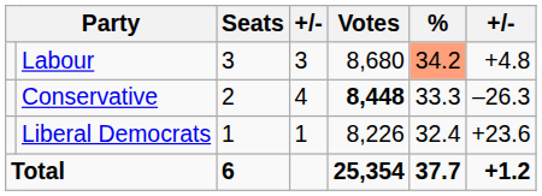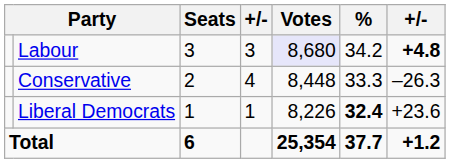 <table class="wikitable sortable">
 <tr>
 <th colspan="2">Party</th>
 <th>Seats</th>
 <th>+/-</th>
 <th>Votes</th>
 <th>%</th>
 <th>+/-</th>
 </tr>
 <tr>
 <td style="background-color: "></td>
 <td><a href='#'>Labour</a></td>
 <td>3</td>
 <td> 3</td>
-<td style="text-align:right;">8,680</td>
-<td style="background: lightsalmon; text-align:right;">34.2</td>
-<td style="text-align:right;">+4.8</td>
+<td style="background: lavender; text-align:right;">8,680</td>
+<td style="text-align:right;">34.2</td>
+<td style="text-align:right;"><strong>+4.8</strong></td>
 </tr>
 <tr>
 <td style="background-color: "></td>
 <td><a href='#'>Conservative</a></td>
 <td>2</td>
 <td> 4</td>
-<td style="text-align:right;"><strong>8,448</strong></td>
+<td style="text-align:right;">8,448</td>
 <td style="text-align:right;">33.3</td>
 <td style="text-align:right;">–26.3</td>
 </tr>
 <tr>
 <td style="background-color: "></td>
 <td><a href='#'>Liberal Democrats</a></td>
 <td>1</td>
 <td> 1</td>
 <td style="text-align:right;">8,226</td>
-<td style="text-align:right;">32.4</td>
+<td style="text-align:right;"><strong>32.4</strong></td>
 <td style="text-align:right;">+23.6</td>
 </tr>
 <tr>
 <td colspan="2"><strong>Total</strong></td>
 <td><strong>6</strong></td>
 <td></td>
 <td style="text-align:right;"><strong>25,354</strong></td>
 <td style="text-align:right;"><strong>37.7</strong></td>
 <td style="text-align:right;"><strong>+1.2</strong></td>
 </tr>
 </table>
